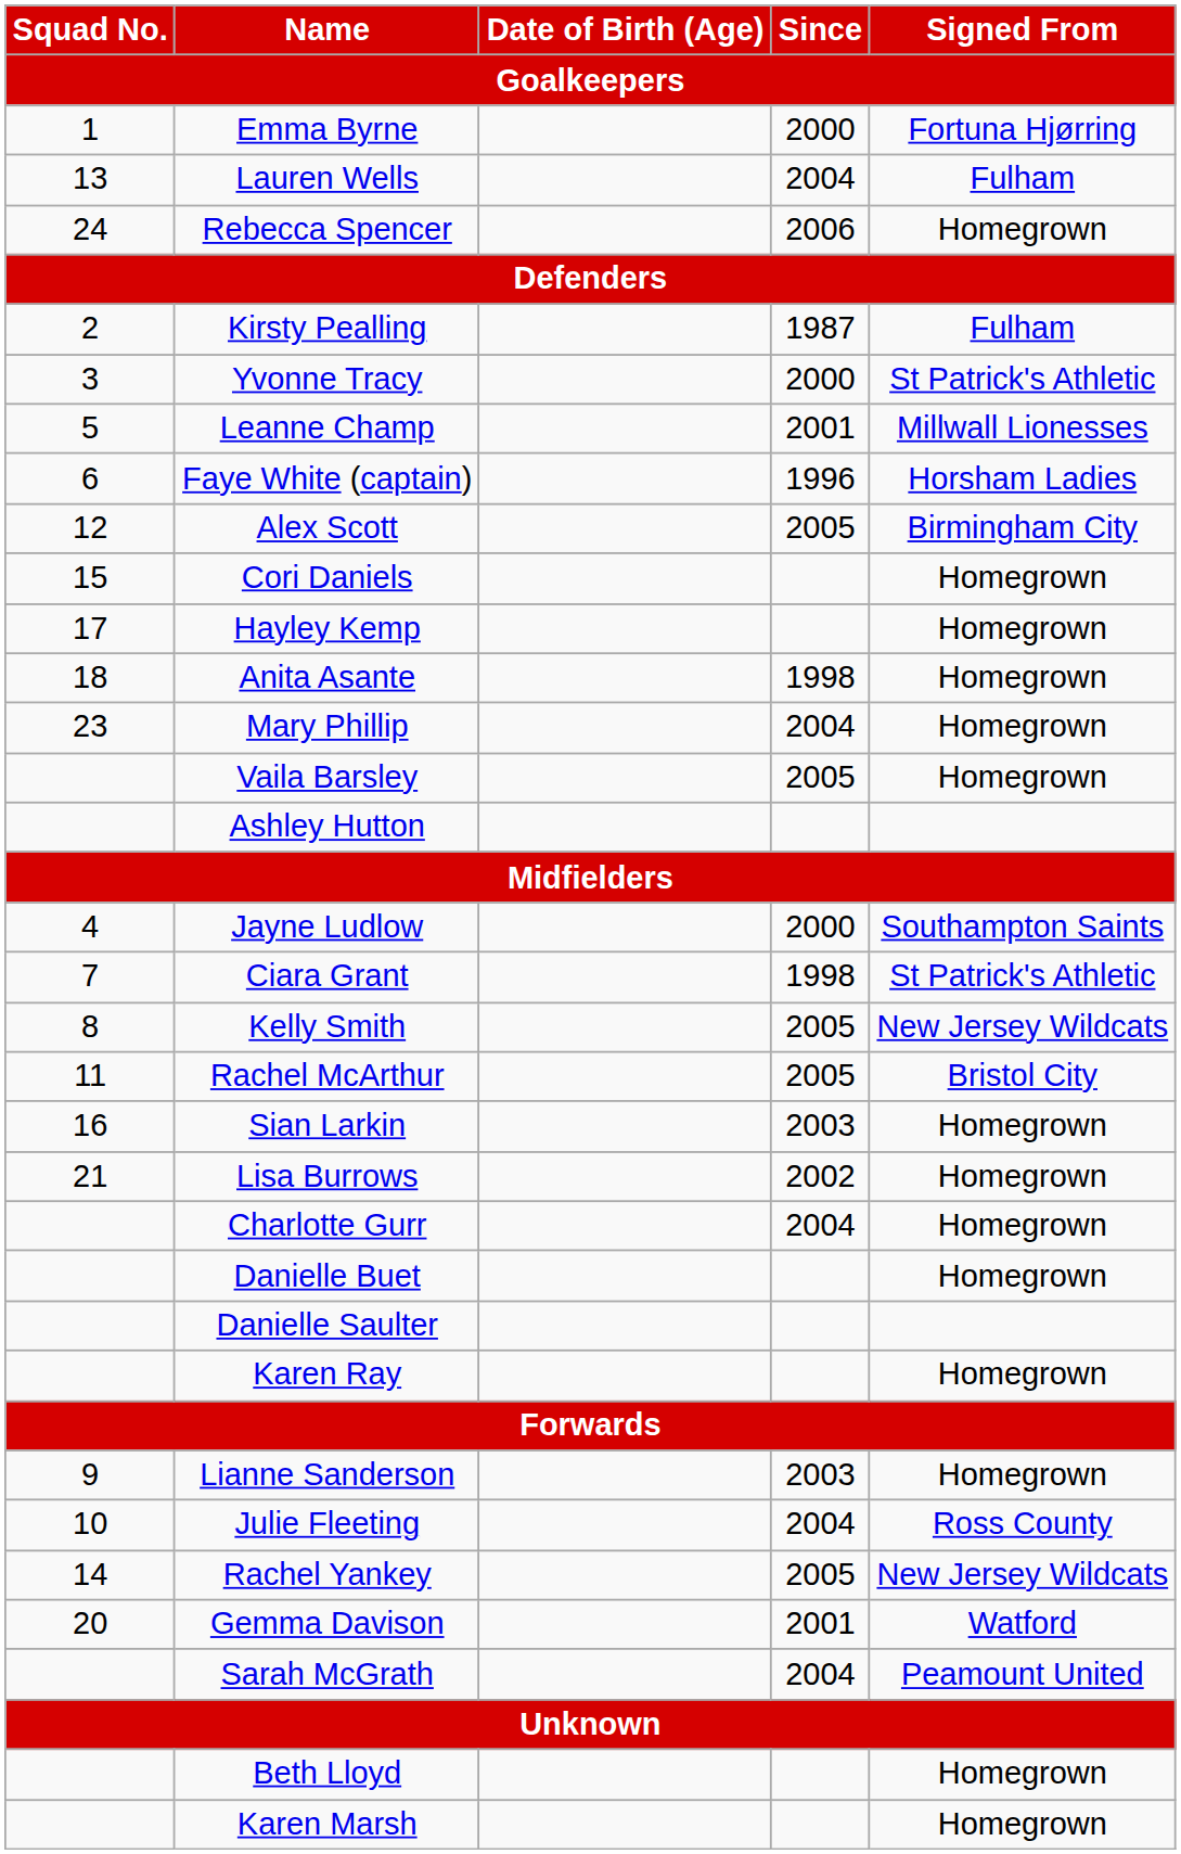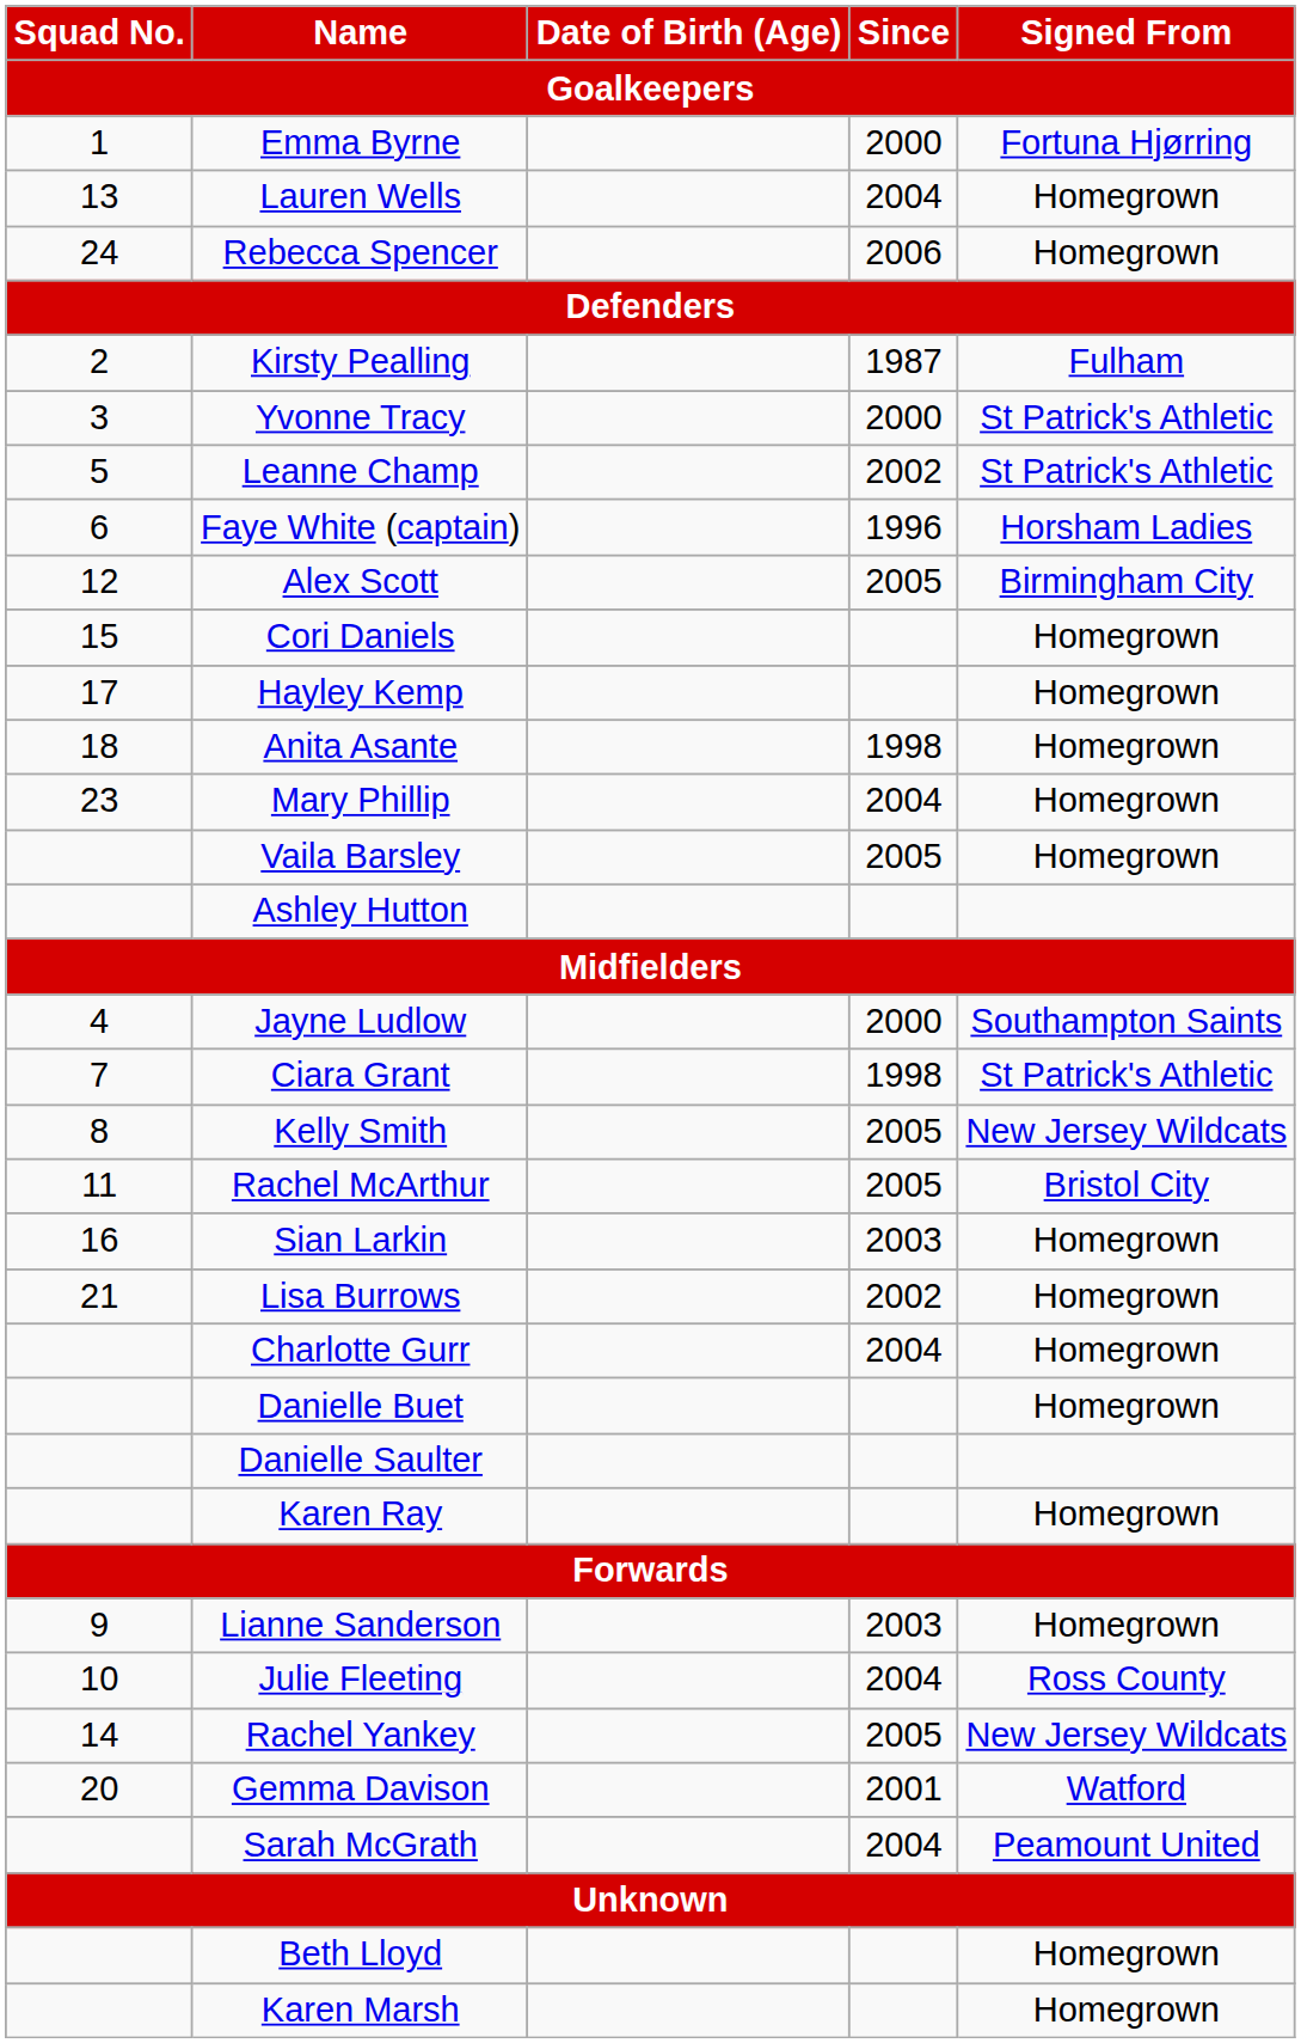 <table class="wikitable" style="text-align:center; font-size:100%; ">
 <tr>
 <th style="background:#d50000; color:white; text-align:center;">Squad No.</th>
 <th style="background:#d50000; color:white; text-align:center;">Name</th>
 <th style="background:#d50000; color:white; text-align:center;">Date of Birth (Age)</th>
 <th style="background:#d50000; color:white; text-align:center;">Since</th>
 <th style="background:#d50000; color:white; text-align:center;">Signed From</th>
 </tr>
 <tr>
 <th colspan="5" style="background:#d50000; color:white; text-align:center">Goalkeepers</th>
 </tr>
 <tr>
 <td>1</td>
 <td> <a href='#'>Emma Byrne</a></td>
 <td></td>
 <td>2000</td>
 <td> <a href='#'>Fortuna Hjørring</a></td>
 </tr>
 <tr>
 <td>13</td>
 <td> <a href='#'>Lauren Wells</a></td>
 <td></td>
 <td>2004</td>
-<td> <a href='#'>Fulham</a></td>
+<td>Homegrown</td>
 </tr>
 <tr>
 <td>24</td>
 <td><em></em> <a href='#'>Rebecca Spencer</a></td>
 <td></td>
 <td>2006</td>
 <td>Homegrown</td>
 </tr>
 <tr>
 <th colspan="5" style="background:#d50000; color:white; text-align:center">Defenders</th>
 </tr>
 <tr>
 <td>2</td>
 <td> <a href='#'>Kirsty Pealling</a></td>
 <td></td>
 <td>1987</td>
 <td> <a href='#'>Fulham</a></td>
 </tr>
 <tr>
 <td>3</td>
 <td> <a href='#'>Yvonne Tracy</a></td>
 <td></td>
 <td>2000</td>
 <td> <a href='#'>St Patrick's Athletic</a></td>
 </tr>
 <tr>
 <td>5</td>
 <td> <a href='#'>Leanne Champ</a></td>
 <td></td>
-<td>2001</td>
-<td> <a href='#'>Millwall Lionesses</a></td>
+<td>2002</td>
+<td> <a href='#'>St Patrick's Athletic</a></td>
 </tr>
 <tr>
 <td>6</td>
 <td> <a href='#'>Faye White</a> (<a href='#'>captain</a>)</td>
 <td></td>
 <td>1996</td>
 <td> <a href='#'>Horsham Ladies</a></td>
 </tr>
 <tr>
 <td>12</td>
 <td> <a href='#'>Alex Scott</a></td>
 <td></td>
 <td>2005</td>
 <td> <a href='#'>Birmingham City</a></td>
 </tr>
 <tr>
 <td>15</td>
 <td> <a href='#'>Cori Daniels</a></td>
 <td></td>
 <td></td>
 <td>Homegrown</td>
 </tr>
 <tr>
 <td>17</td>
 <td> <a href='#'>Hayley Kemp</a></td>
 <td></td>
 <td></td>
 <td>Homegrown</td>
 </tr>
 <tr>
 <td>18</td>
 <td> <a href='#'>Anita Asante</a></td>
 <td></td>
 <td>1998</td>
 <td>Homegrown</td>
 </tr>
 <tr>
 <td>23</td>
 <td> <a href='#'>Mary Phillip</a></td>
 <td></td>
 <td>2004</td>
 <td>Homegrown</td>
 </tr>
 <tr>
 <td></td>
 <td> <a href='#'>Vaila Barsley</a></td>
 <td></td>
 <td>2005</td>
 <td>Homegrown</td>
 </tr>
 <tr>
 <td></td>
 <td> <a href='#'>Ashley Hutton</a></td>
 <td></td>
 <td></td>
 <td></td>
 </tr>
 <tr>
 <th colspan="5" style="background:#d50000; color:white; text-align:center">Midfielders</th>
 </tr>
 <tr>
 <td>4</td>
 <td> <a href='#'>Jayne Ludlow</a></td>
 <td></td>
 <td>2000</td>
 <td><em></em> <a href='#'>Southampton Saints</a></td>
 </tr>
 <tr>
 <td>7</td>
 <td> <a href='#'>Ciara Grant</a></td>
 <td></td>
 <td>1998</td>
 <td> <a href='#'>St Patrick's Athletic</a></td>
 </tr>
 <tr>
 <td>8</td>
 <td> <a href='#'>Kelly Smith</a></td>
 <td></td>
 <td>2005</td>
 <td> <a href='#'>New Jersey Wildcats</a></td>
 </tr>
 <tr>
 <td>11</td>
 <td> <a href='#'>Rachel McArthur</a></td>
 <td></td>
 <td>2005</td>
 <td> <a href='#'>Bristol City</a></td>
 </tr>
 <tr>
 <td>16</td>
 <td> <a href='#'>Sian Larkin</a></td>
 <td></td>
 <td>2003</td>
 <td>Homegrown</td>
 </tr>
 <tr>
 <td>21</td>
 <td> <a href='#'>Lisa Burrows</a></td>
 <td></td>
 <td>2002</td>
 <td>Homegrown</td>
 </tr>
 <tr>
 <td></td>
 <td> <a href='#'>Charlotte Gurr</a></td>
 <td></td>
 <td>2004</td>
 <td>Homegrown</td>
 </tr>
 <tr>
 <td></td>
 <td> <a href='#'>Danielle Buet</a></td>
 <td></td>
 <td></td>
 <td>Homegrown</td>
 </tr>
 <tr>
 <td></td>
 <td> <a href='#'>Danielle Saulter</a></td>
 <td></td>
 <td></td>
 <td></td>
 </tr>
 <tr>
 <td></td>
 <td> <a href='#'>Karen Ray</a></td>
 <td></td>
 <td></td>
 <td>Homegrown</td>
 </tr>
 <tr>
 <th colspan="5" style="background:#d50000; color:white; text-align:center">Forwards</th>
 </tr>
 <tr>
 <td>9</td>
 <td> <a href='#'>Lianne Sanderson</a></td>
 <td></td>
 <td>2003</td>
 <td>Homegrown</td>
 </tr>
 <tr>
 <td>10</td>
 <td> <a href='#'>Julie Fleeting</a></td>
 <td></td>
 <td>2004</td>
 <td> <a href='#'>Ross County</a></td>
 </tr>
 <tr>
 <td>14</td>
 <td> <a href='#'>Rachel Yankey</a></td>
 <td></td>
 <td>2005</td>
 <td> <a href='#'>New Jersey Wildcats</a></td>
 </tr>
 <tr>
 <td>20</td>
 <td> <a href='#'>Gemma Davison</a></td>
 <td></td>
 <td>2001</td>
 <td> <a href='#'>Watford</a></td>
 </tr>
 <tr>
 <td></td>
 <td> <a href='#'>Sarah McGrath</a></td>
 <td></td>
 <td>2004</td>
 <td> <a href='#'>Peamount United</a></td>
 </tr>
 <tr>
 <th colspan="5" style="background:#d50000; color:white; text-align:center">Unknown</th>
 </tr>
 <tr>
 <td></td>
 <td><a href='#'>Beth Lloyd</a></td>
 <td></td>
 <td></td>
 <td>Homegrown</td>
 </tr>
 <tr>
 <td></td>
 <td><a href='#'>Karen Marsh</a></td>
 <td></td>
 <td></td>
 <td>Homegrown</td>
 </tr>
 </table>
